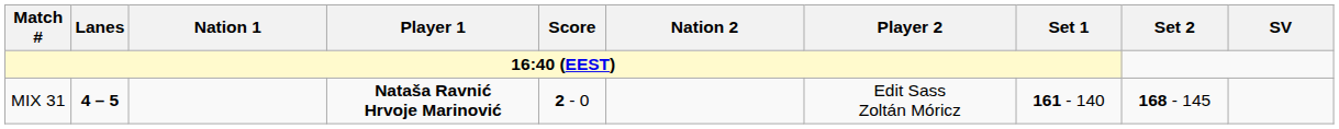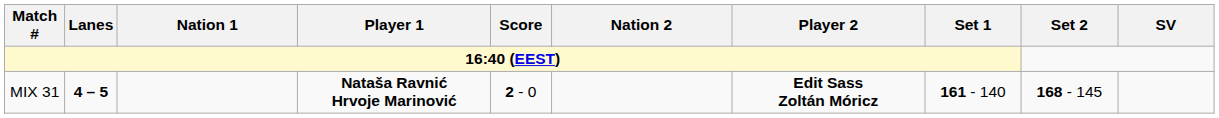 <table class="wikitable">
 <tr>
 <th width="5%">Match #</th>
 <th width="4%">Lanes</th>
 <th width="15%">Nation 1</th>
 <th width="16%">Player 1</th>
 <th width="5%">Score</th>
 <th width="15%">Nation 2</th>
 <th width="16%">Player 2</th>
 <th width="8%">Set 1</th>
 <th width="8%">Set 2</th>
 <th width="8%">SV</th>
 </tr>
 <tr>
 <td colspan="8" style="text-align:center; background-color:#FFFACD"><strong>16:40 (<a href='#'>EEST</a>)</strong></td>
 </tr>
 <tr style=text-align:center;"background:#;">
 <td>MIX 31</td>
 <td><strong>4 – 5</strong></td>
 <td></td>
 <td><strong>Nataša Ravnić <br> Hrvoje Marinović</strong></td>
 <td><strong>2</strong> - 0</td>
 <td></td>
-<td>Edit Sass <br> Zoltán Móricz</td>
+<td><strong>Edit Sass <br> Zoltán Móricz</strong></td>
 <td><strong>161</strong> - 140</td>
 <td><strong>168</strong> - 145</td>
 <td></td>
 </tr>
 </table>
